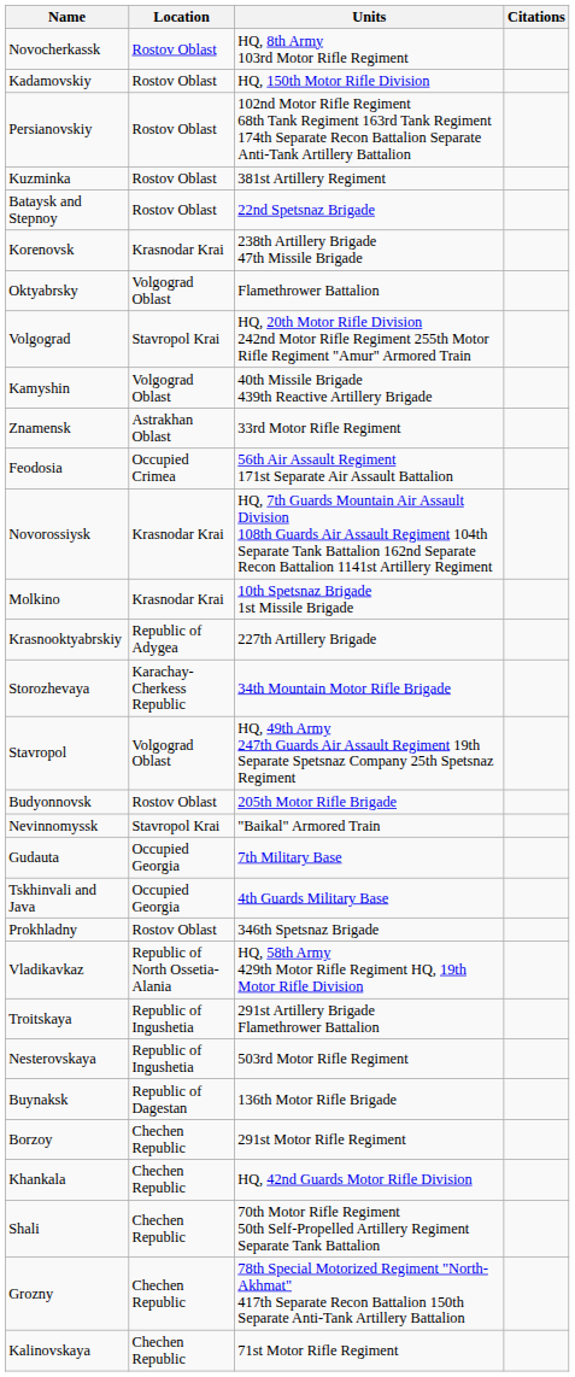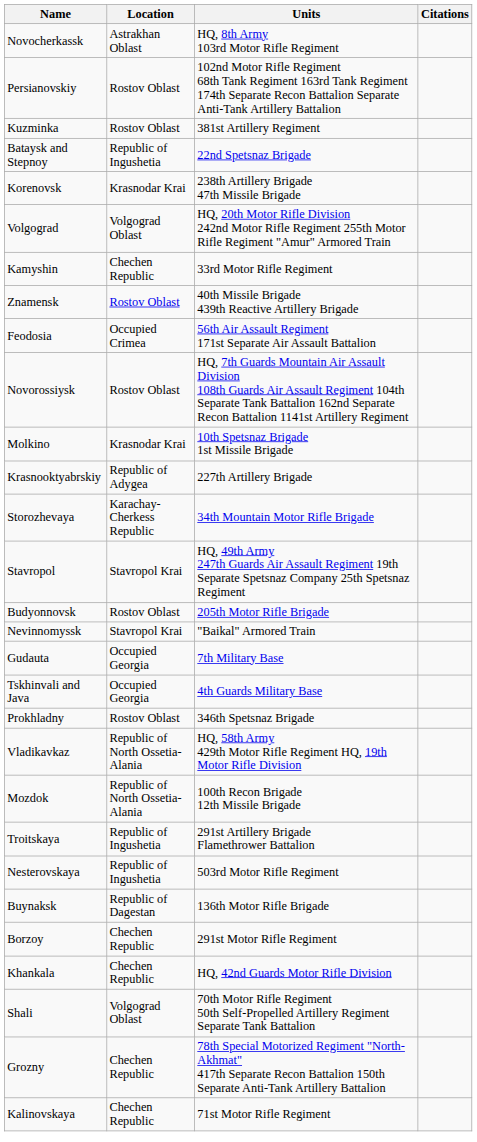 <table class="wikitable sortable">
 <tr>
 <th>Name</th>
 <th>Location</th>
 <th>Units</th>
 <th>Citations</th>
 </tr>
 <tr>
 <td>Novocherkassk</td>
-<td><a href='#'>Rostov Oblast</a></td>
+<td>Astrakhan Oblast</td>
 <td>HQ, <a href='#'>8th Army</a><br>103rd Motor Rifle Regiment</td>
-<td></td>
-</tr>
-<tr>
-<td>Kadamovskiy</td>
-<td>Rostov Oblast</td>
-<td>HQ, <a href='#'>150th Motor Rifle Division</a></td>
 <td></td>
 </tr>
 <tr>
 <td>Persianovskiy</td>
 <td>Rostov Oblast</td>
 <td>102nd Motor Rifle Regiment<br>68th Tank Regiment 163rd Tank Regiment 174th Separate Recon Battalion Separate Anti-Tank Artillery Battalion</td>
 <td></td>
 </tr>
 <tr>
 <td>Kuzminka</td>
 <td>Rostov Oblast</td>
 <td>381st Artillery Regiment</td>
 <td></td>
 </tr>
 <tr>
 <td>Bataysk and Stepnoy</td>
-<td>Rostov Oblast</td>
+<td>Republic of Ingushetia</td>
 <td><a href='#'>22nd Spetsnaz Brigade</a></td>
 <td></td>
 </tr>
 <tr>
 <td>Korenovsk</td>
 <td>Krasnodar Krai</td>
 <td>238th Artillery Brigade<br>47th Missile Brigade</td>
 <td></td>
 </tr>
 <tr>
-<td>Oktyabrsky</td>
+<td>Volgograd</td>
 <td>Volgograd Oblast</td>
-<td>Flamethrower Battalion</td>
-<td></td>
-</tr>
-<tr>
-<td>Volgograd</td>
-<td>Stavropol Krai</td>
 <td>HQ, <a href='#'>20th Motor Rifle Division</a><br>242nd Motor Rifle Regiment 255th Motor Rifle Regiment "Amur" Armored Train</td>
 <td></td>
 </tr>
 <tr>
 <td>Kamyshin</td>
-<td>Volgograd Oblast</td>
-<td>40th Missile Brigade<br>439th Reactive Artillery Brigade</td>
+<td>Chechen Republic</td>
+<td>33rd Motor Rifle Regiment</td>
 <td></td>
 </tr>
 <tr>
 <td>Znamensk</td>
-<td>Astrakhan Oblast</td>
-<td>33rd Motor Rifle Regiment</td>
+<td><a href='#'>Rostov Oblast</a></td>
+<td>40th Missile Brigade<br>439th Reactive Artillery Brigade</td>
 <td></td>
 </tr>
 <tr>
 <td>Feodosia</td>
 <td>Occupied Crimea</td>
 <td><a href='#'>56th Air Assault Regiment</a><br>171st Separate Air Assault Battalion</td>
 <td></td>
 </tr>
 <tr>
 <td>Novorossiysk</td>
-<td>Krasnodar Krai</td>
+<td>Rostov Oblast</td>
 <td>HQ, <a href='#'>7th Guards Mountain Air Assault Division</a><br><a href='#'>108th Guards Air Assault Regiment</a> 104th Separate Tank Battalion 162nd Separate Recon Battalion 1141st Artillery Regiment</td>
 <td></td>
 </tr>
 <tr>
 <td>Molkino</td>
 <td>Krasnodar Krai</td>
 <td><a href='#'>10th Spetsnaz Brigade</a><br>1st Missile Brigade</td>
 <td></td>
 </tr>
 <tr>
 <td>Krasnooktyabrskiy</td>
 <td>Republic of Adygea</td>
 <td>227th Artillery Brigade</td>
 <td></td>
 </tr>
 <tr>
 <td>Storozhevaya</td>
 <td>Karachay-Cherkess Republic</td>
 <td><a href='#'>34th Mountain Motor Rifle Brigade</a></td>
 <td></td>
 </tr>
 <tr>
 <td>Stavropol</td>
-<td>Volgograd Oblast</td>
+<td>Stavropol Krai</td>
 <td>HQ, <a href='#'>49th Army</a><br><a href='#'>247th Guards Air Assault Regiment</a> 19th Separate Spetsnaz Company 25th Spetsnaz Regiment</td>
 <td></td>
 </tr>
 <tr>
 <td>Budyonnovsk</td>
 <td>Rostov Oblast</td>
 <td><a href='#'>205th Motor Rifle Brigade</a></td>
 <td></td>
 </tr>
 <tr>
 <td>Nevinnomyssk</td>
 <td>Stavropol Krai</td>
 <td>"Baikal" Armored Train</td>
 <td></td>
 </tr>
 <tr>
 <td>Gudauta</td>
 <td>Occupied Georgia</td>
 <td><a href='#'>7th Military Base</a></td>
 <td></td>
 </tr>
 <tr>
 <td>Tskhinvali and Java</td>
 <td>Occupied Georgia</td>
 <td><a href='#'>4th Guards Military Base</a></td>
 <td></td>
 </tr>
 <tr>
 <td>Prokhladny</td>
 <td>Rostov Oblast</td>
 <td>346th Spetsnaz Brigade</td>
 <td></td>
 </tr>
 <tr>
 <td>Vladikavkaz</td>
 <td>Republic of North Ossetia-Alania</td>
 <td>HQ, <a href='#'>58th Army</a><br>429th Motor Rifle Regiment HQ, <a href='#'>19th Motor Rifle Division</a></td>
 <td></td>
 </tr>
 <tr>
+<td>Mozdok</td>
+<td>Republic of North Ossetia-Alania</td>
+<td>100th Recon Brigade<br>12th Missile Brigade</td>
+<td></td>
+</tr>
+<tr>
 <td>Troitskaya</td>
 <td>Republic of Ingushetia</td>
 <td>291st Artillery Brigade<br>Flamethrower Battalion</td>
 <td></td>
 </tr>
 <tr>
 <td>Nesterovskaya</td>
 <td>Republic of Ingushetia</td>
 <td>503rd Motor Rifle Regiment</td>
 <td></td>
 </tr>
 <tr>
 <td>Buynaksk</td>
 <td>Republic of Dagestan</td>
 <td>136th Motor Rifle Brigade</td>
 <td></td>
 </tr>
 <tr>
 <td>Borzoy</td>
 <td>Chechen Republic</td>
 <td>291st Motor Rifle Regiment</td>
 <td></td>
 </tr>
 <tr>
 <td>Khankala</td>
 <td>Chechen Republic</td>
 <td>HQ, <a href='#'>42nd Guards Motor Rifle Division</a></td>
 <td></td>
 </tr>
 <tr>
 <td>Shali</td>
-<td>Chechen Republic</td>
+<td>Volgograd Oblast</td>
 <td>70th Motor Rifle Regiment<br>50th Self-Propelled Artillery Regiment Separate Tank Battalion</td>
 <td></td>
 </tr>
 <tr>
 <td>Grozny</td>
 <td>Chechen Republic</td>
 <td><a href='#'>78th Special Motorized Regiment "North-Akhmat"</a><br>417th Separate Recon Battalion 150th Separate Anti-Tank Artillery Battalion</td>
 <td></td>
 </tr>
 <tr>
 <td>Kalinovskaya</td>
 <td>Chechen Republic</td>
 <td>71st Motor Rifle Regiment</td>
 <td></td>
 </tr>
 </table>
